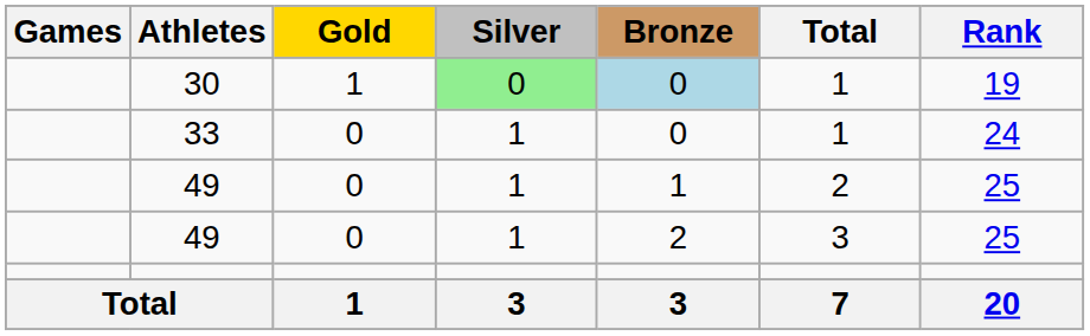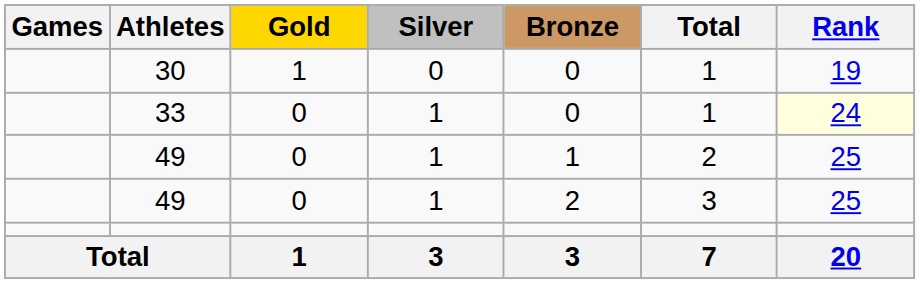 <table class="wikitable" style="text-align:center; font-size:90%;">
 <tr>
 <th>Games</th>
 <th>Athletes</th>
 <td style="background:gold; width:4.5em; font-weight:bold;">Gold</td>
 <td style="background:silver; width:4.5em; font-weight:bold;">Silver</td>
 <td style="background:#cc9966; width:4.5em; font-weight:bold;">Bronze</td>
 <th style="width:4.5em; font-weight:bold;">Total</th>
 <th style="width:4.5em; font-weight:bold;"><a href='#'>Rank</a></th>
 </tr>
 <tr>
 <td align=left></td>
 <td>30</td>
 <td>1</td>
-<td style="background: lightgreen;">0</td>
-<td style="background: lightblue;">0</td>
+<td>0</td>
+<td>0</td>
 <td>1</td>
 <td><a href='#'>19</a></td>
 </tr>
 <tr>
 <td align=left></td>
 <td>33</td>
 <td>0</td>
 <td>1</td>
 <td>0</td>
 <td>1</td>
-<td><a href='#'>24</a></td>
+<td style="background: lightyellow;"><a href='#'>24</a></td>
 </tr>
 <tr>
 <td align=left></td>
 <td>49</td>
 <td>0</td>
 <td>1</td>
 <td>1</td>
 <td>2</td>
 <td><a href='#'>25</a></td>
 </tr>
 <tr>
 <td align=left></td>
 <td>49</td>
 <td>0</td>
 <td>1</td>
 <td>2</td>
 <td>3</td>
 <td><a href='#'>25</a></td>
 </tr>
 <tr>
 <td align=left></td>
 <td></td>
 <td></td>
 <td></td>
 <td></td>
 <td></td>
 <td></td>
 </tr>
 <tr>
 <th colspan=2>Total</th>
 <th>1</th>
 <th>3</th>
 <th>3</th>
 <th>7</th>
 <th><a href='#'>20</a></th>
 </tr>
 </table>
